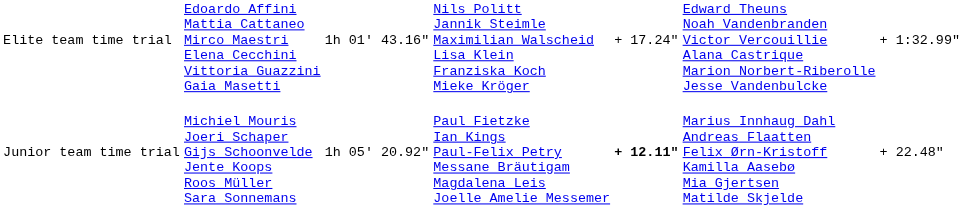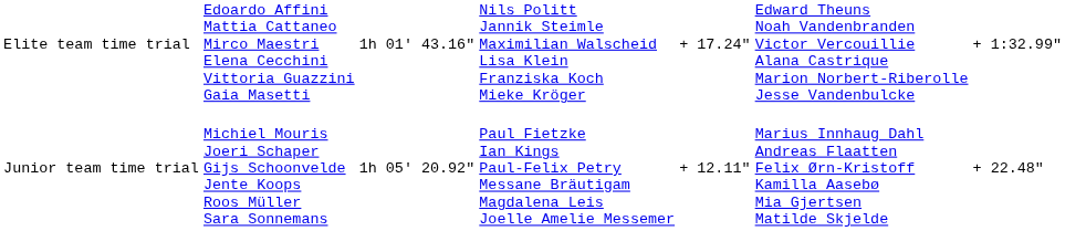 <table>
 <tr>
 <td>Elite team time trial</td>
 <td><br><a href='#'>Edoardo Affini</a><br><a href='#'>Mattia Cattaneo</a><br><a href='#'>Mirco Maestri</a><br><a href='#'>Elena Cecchini</a><br><a href='#'>Vittoria Guazzini</a><br><a href='#'>Gaia Masetti</a></td>
 <td>1h 01' 43.16"</td>
 <td><br><a href='#'>Nils Politt</a><br><a href='#'>Jannik Steimle</a><br><a href='#'>Maximilian Walscheid</a><br><a href='#'>Lisa Klein</a><br><a href='#'>Franziska Koch</a><br><a href='#'>Mieke Kröger</a></td>
 <td>+ 17.24"</td>
 <td><br><a href='#'>Edward Theuns</a><br><a href='#'>Noah Vandenbranden</a><br><a href='#'>Victor Vercouillie</a><br><a href='#'>Alana Castrique</a><br><a href='#'>Marion Norbert-Riberolle</a><br><a href='#'>Jesse Vandenbulcke</a></td>
 <td>+ 1:32.99"</td>
 </tr>
 <tr>
 <td>Junior team time trial</td>
 <td><br><a href='#'>Michiel Mouris</a><br><a href='#'>Joeri Schaper</a><br><a href='#'>Gijs Schoonvelde</a><br><a href='#'>Jente Koops</a><br><a href='#'>Roos Müller</a><br><a href='#'>Sara Sonnemans</a></td>
 <td>1h 05' 20.92"</td>
 <td><br><a href='#'>Paul Fietzke</a><br><a href='#'>Ian Kings</a><br><a href='#'>Paul-Felix Petry</a><br><a href='#'>Messane Bräutigam</a><br><a href='#'>Magdalena Leis</a><br><a href='#'>Joelle Amelie Messemer</a></td>
-<td><strong>+ 12.11"</strong></td>
+<td>+ 12.11"</td>
 <td><br><a href='#'>Marius Innhaug Dahl</a><br><a href='#'>Andreas Flaatten</a><br><a href='#'>Felix Ørn-Kristoff</a><br><a href='#'>Kamilla Aasebø</a><br><a href='#'>Mia Gjertsen</a><br><a href='#'>Matilde Skjelde</a></td>
 <td>+ 22.48"</td>
 </tr>
 </table>
